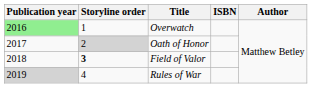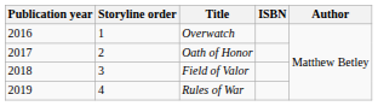 <table class="wikitable sortable">
 <tr>
 <th>Publication year</th>
 <th>Storyline order</th>
 <th>Title</th>
 <th>ISBN</th>
 <th>Author</th>
 </tr>
 <tr>
-<td style="background: lightgreen;">2016</td>
+<td>2016</td>
 <td>1</td>
 <td><em>Overwatch</em></td>
 <td></td>
 <td rowspan=4>Matthew Betley</td>
 </tr>
 <tr>
 <td>2017</td>
-<td style="background: lightgrey;">2</td>
+<td>2</td>
 <td><em>Oath of Honor</em></td>
 <td></td>
 </tr>
 <tr>
 <td>2018</td>
-<td><strong>3</strong></td>
+<td>3</td>
 <td><em>Field of Valor</em></td>
 <td></td>
 </tr>
 <tr>
-<td style="background: lightgrey;">2019</td>
+<td>2019</td>
 <td>4</td>
 <td><em>Rules of War</em></td>
 <td></td>
 </tr>
 </table>
